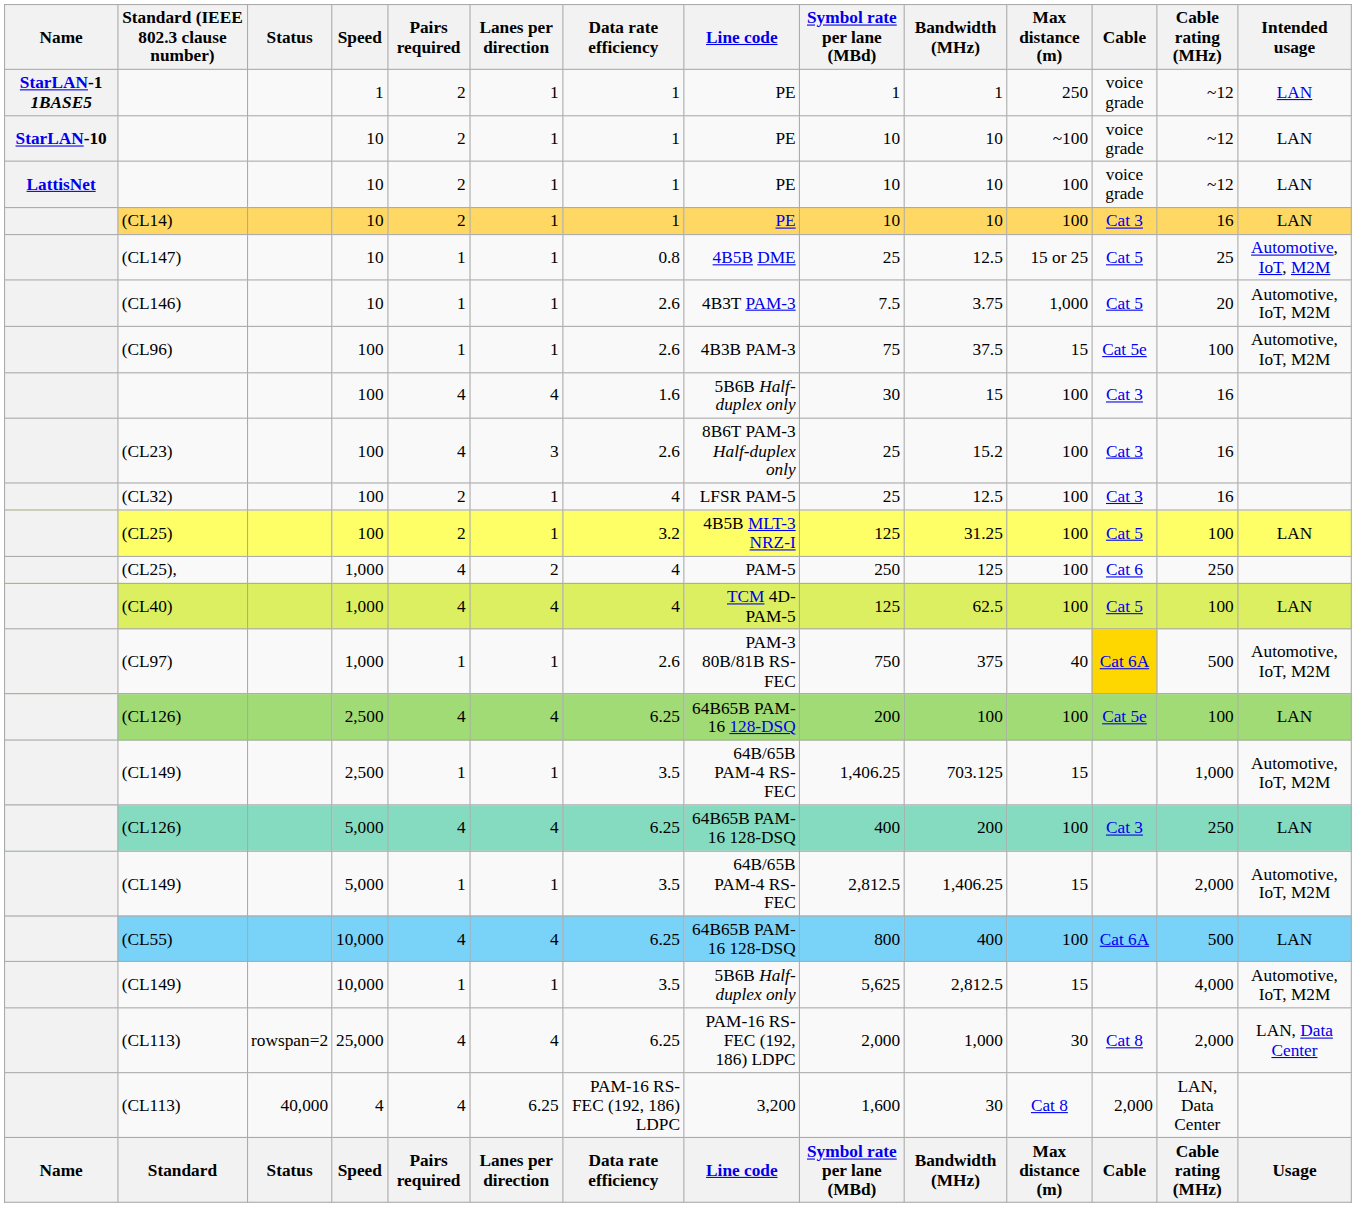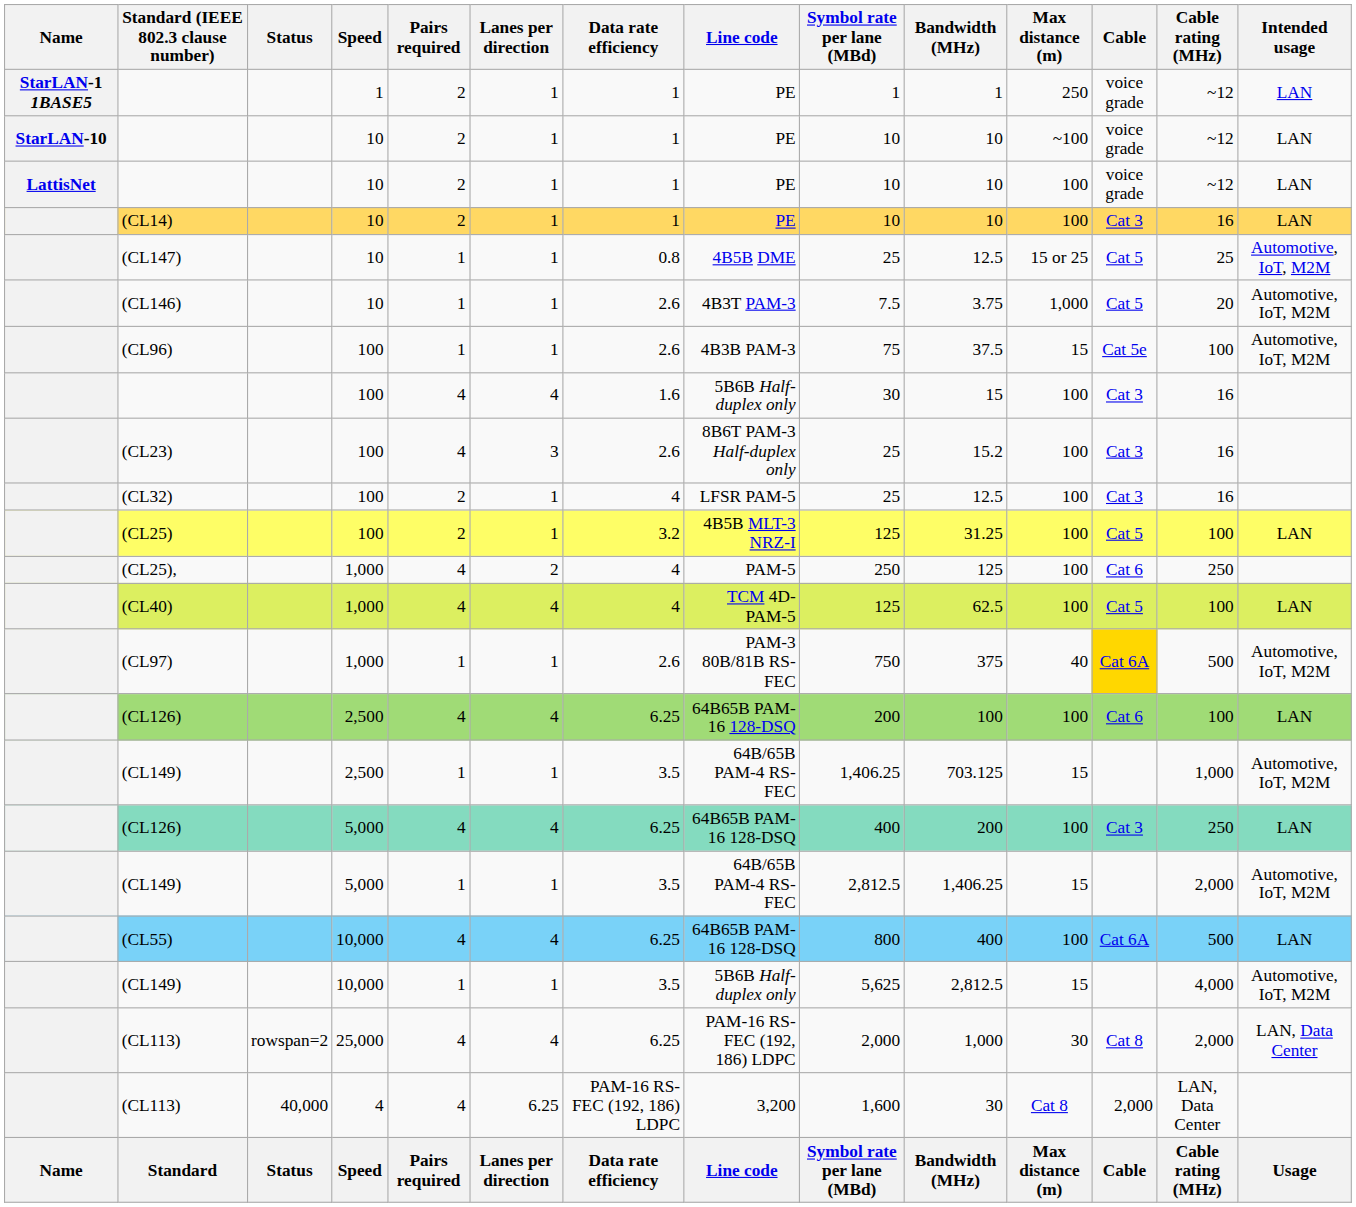 <table class="wikitable sortable plainrowheaders mw-datatable" style="line-height:110%; text-align: right;">
 <tr>
 <th scope="col">Name</th>
 <th scope="col">Standard (IEEE 802.3 clause number)</th>
 <th scope="col">Status</th>
 <th scope="col">Speed </th>
 <th scope="col">Pairs required</th>
 <th scope="col">Lanes per direction</th>
 <th scope="col">Data rate efficiency </th>
 <th scope="col"><a href='#'>Line code</a></th>
 <th scope="col"><a href='#'>Symbol rate</a> per lane (MBd)</th>
 <th scope="col">Bandwidth (MHz)</th>
 <th scope="col">Max distance (m)</th>
 <th scope="col">Cable</th>
 <th scope="col">Cable rating (MHz)</th>
 <th scope="col">Intended usage</th>
 </tr>
 <tr>
 <th scope="row"><a href='#'>StarLAN</a>-1 <em>1BASE5</em></th>
 <td style="text-align:left;"></td>
 <td></td>
 <td>1</td>
 <td>2</td>
 <td>1</td>
 <td>1</td>
 <td>PE</td>
 <td>1</td>
 <td>1</td>
 <td>250</td>
 <td style="text-align:center;">voice grade</td>
 <td data-sort-value="12">~12</td>
 <td style="text-align:center;"><a href='#'>LAN</a></td>
 </tr>
 <tr>
 <th scope="row"><a href='#'>StarLAN</a>-10</th>
 <td style="text-align:left;"></td>
 <td></td>
 <td>10</td>
 <td>2</td>
 <td>1</td>
 <td>1</td>
 <td>PE</td>
 <td>10</td>
 <td>10</td>
 <td data-sort-value="100">~100</td>
 <td style="text-align:center;">voice grade</td>
 <td data-sort-value="12">~12</td>
 <td style="text-align:center;">LAN</td>
 </tr>
 <tr>
 <th scope="row"><a href='#'>LattisNet</a></th>
 <td style="text-align:left;"></td>
 <td></td>
 <td>10</td>
 <td>2</td>
 <td>1</td>
 <td>1</td>
 <td>PE</td>
 <td>10</td>
 <td>10</td>
 <td>100</td>
 <td style="text-align:center;">voice grade</td>
 <td data-sort-value="12">~12</td>
 <td style="text-align:center;">LAN</td>
 </tr>
 <tr style="background-color: #FFD863">
 <th scope="row"></th>
 <td style="text-align:left;"> (CL14)</td>
 <td></td>
 <td>10</td>
 <td>2</td>
 <td>1</td>
 <td>1</td>
 <td><a href='#'>PE</a></td>
 <td>10</td>
 <td>10</td>
 <td>100</td>
 <td style="text-align:center;"><a href='#'>Cat 3</a></td>
 <td>16</td>
 <td style="text-align:center;">LAN </td>
 </tr>
 <tr>
 <th scope="row"></th>
 <td style="text-align:left;"> (CL147)</td>
 <td></td>
 <td>10</td>
 <td>1</td>
 <td>1</td>
 <td>0.8</td>
 <td><a href='#'>4B5B</a> <a href='#'>DME</a></td>
 <td>25</td>
 <td>12.5</td>
 <td data-sort-value="15">15 or 25</td>
 <td style="text-align:center;"><a href='#'>Cat 5</a></td>
 <td>25</td>
 <td style="text-align:center;"><a href='#'>Automotive</a>, <a href='#'>IoT</a>, <a href='#'>M2M</a></td>
 </tr>
 <tr>
 <th scope="row"></th>
 <td style="text-align:left;"> (CL146)</td>
 <td></td>
 <td>10</td>
 <td>1</td>
 <td>1</td>
 <td>2.6</td>
 <td>4B3T <a href='#'>PAM-3</a></td>
 <td>7.5</td>
 <td>3.75</td>
 <td>1,000</td>
 <td style="text-align:center;"><a href='#'>Cat 5</a></td>
 <td>20</td>
 <td style="text-align:center;">Automotive, IoT, M2M</td>
 </tr>
 <tr>
 <th scope="row"></th>
 <td style="text-align:left;"> (CL96)</td>
 <td></td>
 <td>100</td>
 <td>1</td>
 <td>1</td>
 <td>2.6</td>
 <td>4B3B PAM-3</td>
 <td>75</td>
 <td>37.5</td>
 <td>15</td>
 <td style="text-align:center;"><a href='#'>Cat 5e</a></td>
 <td>100</td>
 <td style="text-align:center;">Automotive, IoT, M2M</td>
 </tr>
 <tr>
 <th scope="row"></th>
 <td style="text-align:left;"></td>
 <td></td>
 <td>100</td>
 <td>4</td>
 <td>4</td>
 <td>1.6</td>
 <td>5B6B <em>Half-duplex only</em></td>
 <td>30</td>
 <td>15</td>
 <td>100</td>
 <td style="text-align:center;"><a href='#'>Cat 3</a></td>
 <td>16</td>
 <td></td>
 </tr>
 <tr>
 <th scope="row"></th>
 <td style="text-align:left;"> (CL23)</td>
 <td></td>
 <td>100</td>
 <td>4</td>
 <td>3</td>
 <td>2.6</td>
 <td>8B6T PAM-3 <em>Half-duplex only</em></td>
 <td>25</td>
 <td>15.2</td>
 <td>100</td>
 <td style="text-align:center;"><a href='#'>Cat 3</a></td>
 <td>16</td>
 <td></td>
 </tr>
 <tr>
 <th scope="row"></th>
 <td style="text-align:left;"> (CL32)</td>
 <td></td>
 <td>100</td>
 <td>2</td>
 <td>1</td>
 <td>4</td>
 <td>LFSR PAM-5</td>
 <td>25</td>
 <td>12.5</td>
 <td>100</td>
 <td style="text-align:center;"><a href='#'>Cat 3</a></td>
 <td>16</td>
 <td></td>
 </tr>
 <tr style="background-color: #FEFE66">
 <th scope="row"></th>
 <td style="text-align:left;"> (CL25)</td>
 <td></td>
 <td>100</td>
 <td>2</td>
 <td>1</td>
 <td>3.2</td>
 <td>4B5B <a href='#'>MLT-3</a> <a href='#'>NRZ-I</a></td>
 <td>125</td>
 <td>31.25</td>
 <td>100</td>
 <td style="text-align:center;"><a href='#'>Cat 5</a></td>
 <td>100</td>
 <td style="text-align:center;">LAN</td>
 </tr>
 <tr>
 <th scope="row"></th>
 <td style="text-align:left;"> (CL25),<br></td>
 <td></td>
 <td>1,000</td>
 <td>4</td>
 <td>2</td>
 <td>4</td>
 <td>PAM-5</td>
 <td>250</td>
 <td>125</td>
 <td>100</td>
 <td style="text-align:center;"><a href='#'>Cat 6</a></td>
 <td>250</td>
 <td></td>
 </tr>
 <tr style="background-color: #dcef60">
 <th scope="row"></th>
 <td style="text-align:left;"> (CL40)</td>
 <td></td>
 <td>1,000</td>
 <td>4</td>
 <td>4</td>
 <td>4</td>
 <td><a href='#'>TCM</a> 4D-PAM-5</td>
 <td>125</td>
 <td>62.5</td>
 <td>100</td>
 <td style="text-align:center;"><a href='#'>Cat 5</a></td>
 <td>100</td>
 <td style="text-align:center;">LAN</td>
 </tr>
 <tr>
 <th scope="row"></th>
 <td style="text-align:left;"> (CL97)</td>
 <td></td>
 <td>1,000</td>
 <td>1</td>
 <td>1</td>
 <td>2.6</td>
 <td>PAM-3 80B/81B RS-FEC</td>
 <td>750</td>
 <td>375</td>
 <td>40</td>
 <td style="background: gold; text-align:center;"><a href='#'>Cat 6A</a></td>
 <td>500</td>
 <td style="text-align:center;">Automotive, IoT, M2M</td>
 </tr>
 <tr style="background-color: #A0DB76">
 <th scope="row"></th>
 <td style="text-align:left;"> (CL126)</td>
 <td></td>
 <td>2,500</td>
 <td>4</td>
 <td>4</td>
 <td>6.25</td>
 <td>64B65B PAM-16 <a href='#'>128-DSQ</a></td>
 <td>200</td>
 <td>100</td>
 <td>100</td>
-<td style="text-align:center;"><a href='#'>Cat 5e</a></td>
+<td style="text-align:center;"><a href='#'>Cat 6</a></td>
 <td>100</td>
 <td style="text-align:center;">LAN</td>
 </tr>
 <tr>
 <th scope="row"></th>
 <td style="text-align:left;"> (CL149)</td>
 <td></td>
 <td>2,500</td>
 <td>1</td>
 <td>1</td>
 <td>3.5</td>
 <td>64B/65B PAM-4 RS-FEC</td>
 <td>1,406.25</td>
 <td>703.125</td>
 <td>15</td>
 <td></td>
 <td>1,000</td>
 <td style="text-align:center;">Automotive, IoT, M2M</td>
 </tr>
 <tr style="background-color: #84DBBF">
 <th scope="row"></th>
 <td style="text-align:left;"> (CL126)</td>
 <td></td>
 <td>5,000</td>
 <td>4</td>
 <td>4</td>
 <td>6.25</td>
 <td>64B65B PAM-16 128-DSQ</td>
 <td>400</td>
 <td>200</td>
 <td>100</td>
 <td style="text-align:center;"><a href='#'>Cat 3</a></td>
 <td>250</td>
 <td style="text-align:center;">LAN</td>
 </tr>
 <tr>
 <th scope="row"></th>
 <td style="text-align:left;"> (CL149)</td>
 <td></td>
 <td>5,000</td>
 <td>1</td>
 <td>1</td>
 <td>3.5</td>
 <td>64B/65B PAM-4 RS-FEC</td>
 <td>2,812.5</td>
 <td>1,406.25</td>
 <td>15</td>
 <td></td>
 <td>2,000</td>
 <td style="text-align:center;">Automotive, IoT, M2M</td>
 </tr>
 <tr style="background-color: #79D2F8">
 <th scope="row"></th>
 <td style="text-align:left;"> (CL55)</td>
 <td></td>
 <td>10,000</td>
 <td>4</td>
 <td>4</td>
 <td>6.25</td>
 <td>64B65B PAM-16 128-DSQ</td>
 <td>800</td>
 <td>400</td>
 <td>100</td>
 <td style="text-align:center;"><a href='#'>Cat 6A</a></td>
 <td>500</td>
 <td style="text-align:center;">LAN</td>
 </tr>
 <tr>
 <th scope="row"></th>
 <td style="text-align:left;"> (CL149)</td>
 <td></td>
 <td>10,000</td>
 <td>1</td>
 <td>1</td>
 <td>3.5</td>
 <td>5B6B <em>Half-duplex only</em></td>
 <td>5,625</td>
 <td>2,812.5</td>
 <td>15</td>
 <td></td>
 <td>4,000</td>
 <td style="text-align:center;">Automotive, IoT, M2M</td>
 </tr>
 <tr>
 <th scope="row"></th>
 <td style="text-align:left;"> (CL113)</td>
 <td>rowspan=2 </td>
 <td>25,000</td>
 <td>4</td>
 <td>4</td>
 <td>6.25</td>
 <td>PAM-16 RS-FEC (192, 186) LDPC</td>
 <td>2,000</td>
 <td>1,000</td>
 <td>30</td>
 <td style="text-align:center;"><a href='#'>Cat 8</a></td>
 <td>2,000</td>
 <td style="text-align:center;">LAN, <a href='#'>Data Center</a></td>
 </tr>
 <tr>
 <th scope="row"></th>
 <td style="text-align:left;"> (CL113)</td>
 <td>40,000</td>
 <td>4</td>
 <td>4</td>
 <td>6.25</td>
 <td>PAM-16 RS-FEC (192, 186) LDPC</td>
 <td>3,200</td>
 <td>1,600</td>
 <td>30</td>
 <td style="text-align:center;"><a href='#'>Cat 8</a></td>
 <td>2,000</td>
 <td style="text-align:center;">LAN, Data Center</td>
 </tr>
 <tr>
 <th scope="col">Name</th>
 <th scope="col">Standard</th>
 <th scope="col">Status</th>
 <th scope="col">Speed </th>
 <th scope="col">Pairs required</th>
 <th scope="col">Lanes per direction</th>
 <th scope="col">Data rate efficiency </th>
 <th scope="col"><a href='#'>Line code</a></th>
 <th scope="col"><a href='#'>Symbol rate</a> per lane (MBd)</th>
 <th scope="col">Bandwidth (MHz)</th>
 <th scope="col">Max distance (m)</th>
 <th scope="col">Cable</th>
 <th scope="col">Cable rating (MHz)</th>
 <th scope="col">Usage</th>
 </tr>
 </table>
